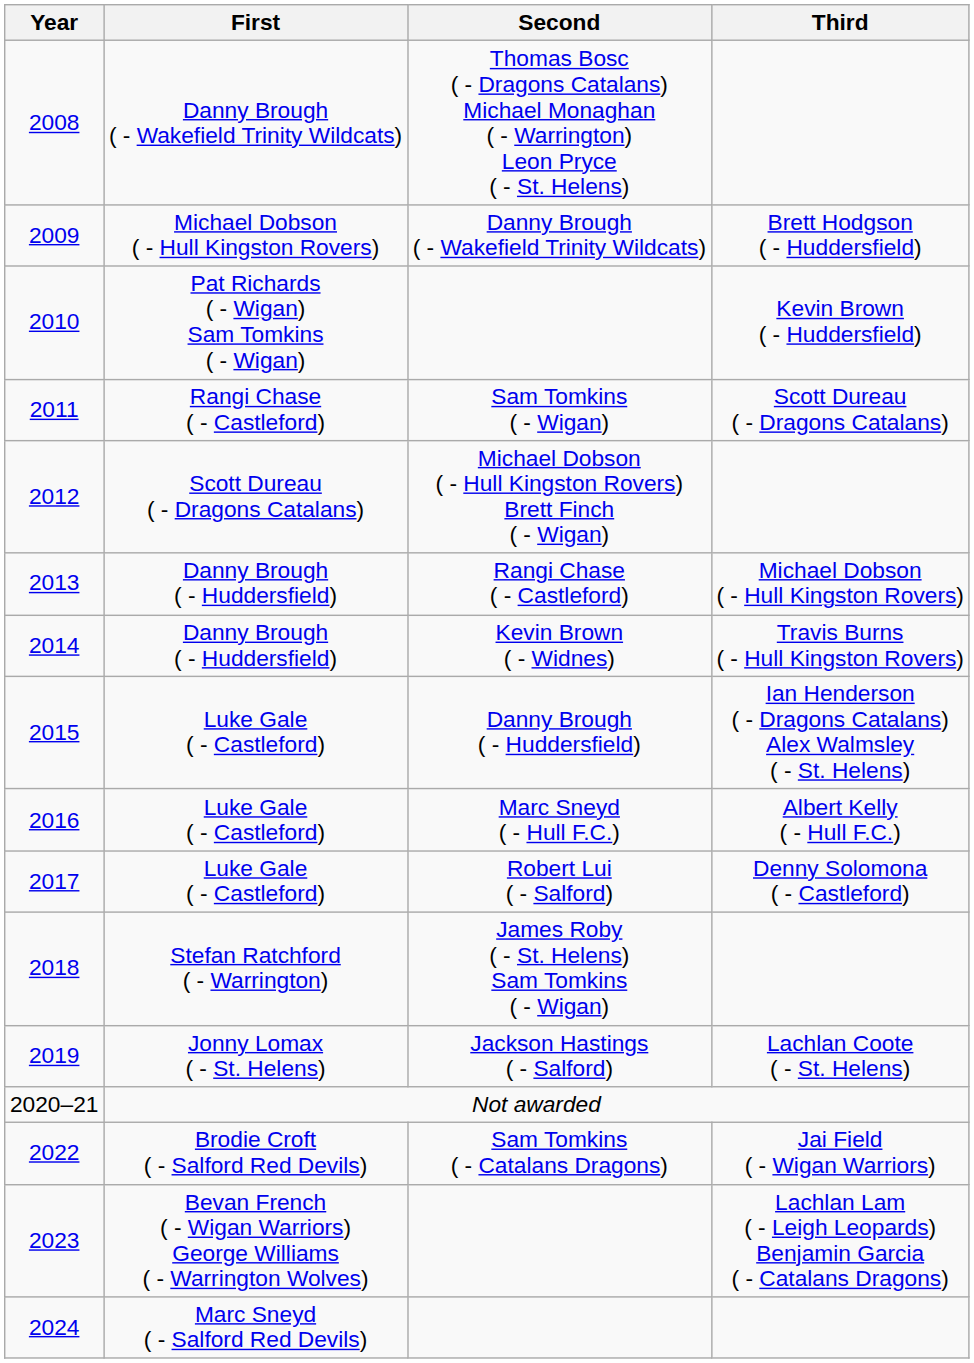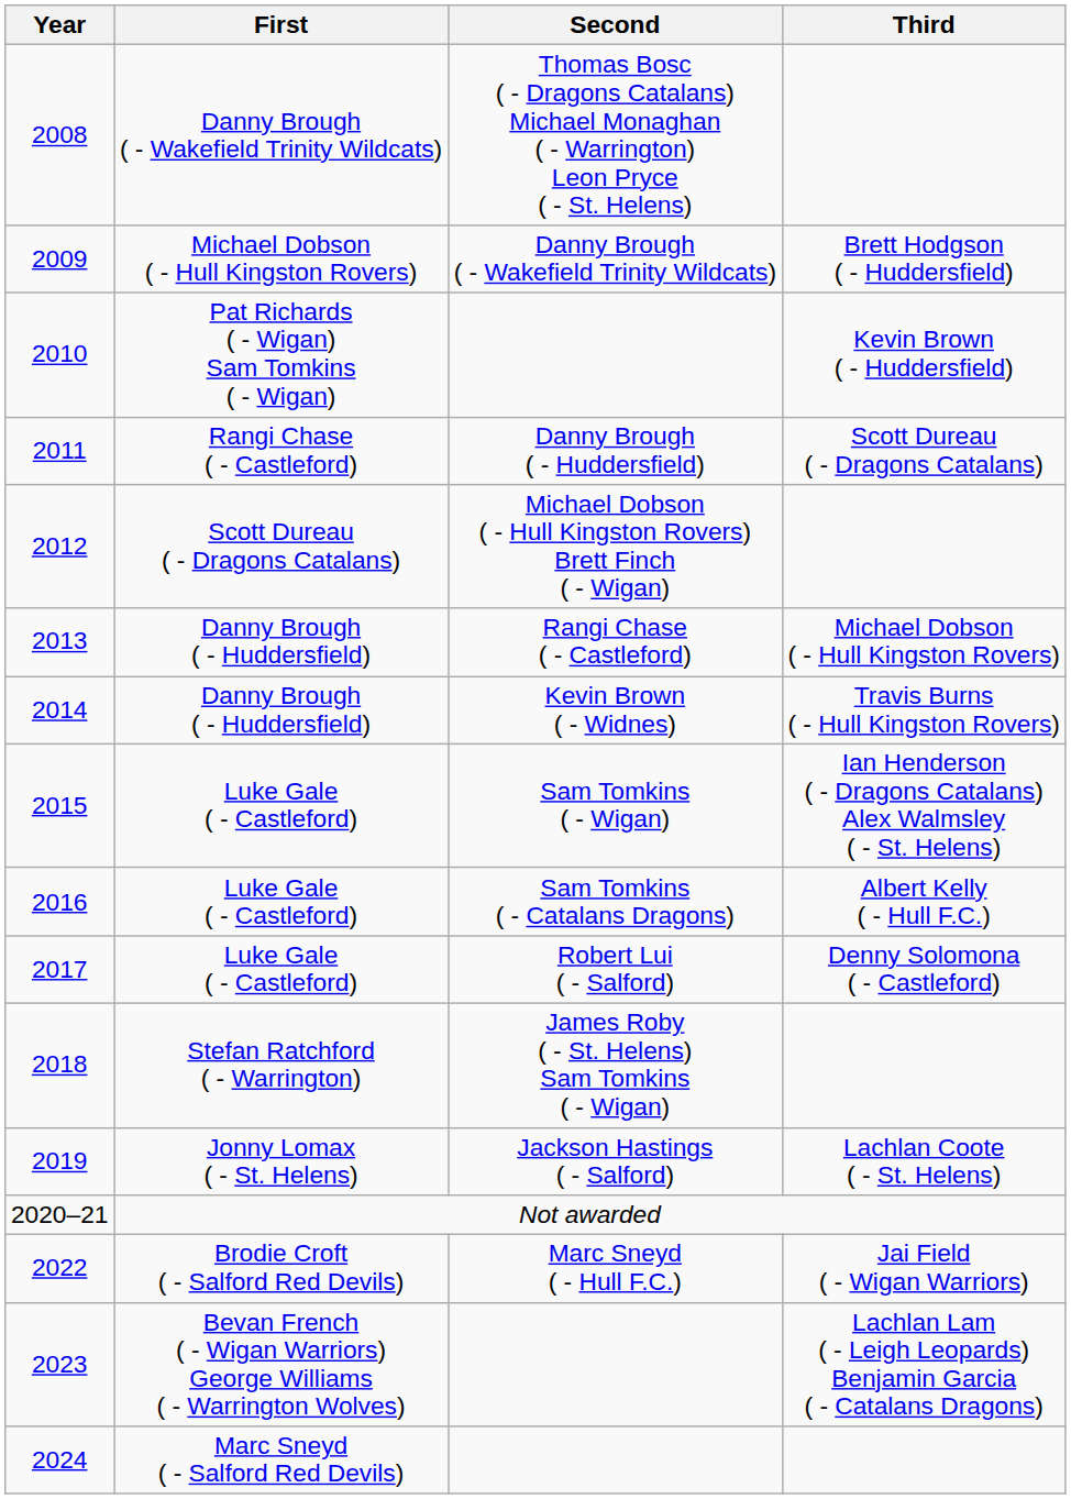 <table class=wikitable alternance style="text-align:center;">
 <tr>
 <th scope="col">Year</th>
 <th scope="col">First</th>
 <th scope="col">Second</th>
 <th scope="col">Third</th>
 </tr>
 <tr>
 <td><a href='#'>2008</a></td>
 <td> <a href='#'>Danny Brough</a><br>( - <a href='#'>Wakefield Trinity Wildcats</a>)</td>
 <td> <a href='#'>Thomas Bosc</a><br>( - <a href='#'>Dragons Catalans</a>) <br> <a href='#'>Michael Monaghan</a><br>( - <a href='#'>Warrington</a>)<br> <a href='#'>Leon Pryce</a><br>( - <a href='#'>St. Helens</a>)</td>
 <td></td>
 </tr>
 <tr>
 <td><a href='#'>2009</a></td>
 <td> <a href='#'>Michael Dobson</a><br>( - <a href='#'>Hull Kingston Rovers</a>)</td>
 <td> <a href='#'>Danny Brough</a><br>( - <a href='#'>Wakefield Trinity Wildcats</a>)</td>
 <td> <a href='#'>Brett Hodgson</a><br>( - <a href='#'>Huddersfield</a>)</td>
 </tr>
 <tr>
 <td><a href='#'>2010</a></td>
 <td> <a href='#'>Pat Richards</a><br>( - <a href='#'>Wigan</a>) <br> <a href='#'>Sam Tomkins</a><br>( - <a href='#'>Wigan</a>)</td>
 <td></td>
 <td> <a href='#'>Kevin Brown</a><br>( - <a href='#'>Huddersfield</a>)</td>
 </tr>
 <tr>
 <td><a href='#'>2011</a></td>
 <td> <a href='#'>Rangi Chase</a><br>( - <a href='#'>Castleford</a>)</td>
-<td> <a href='#'>Sam Tomkins</a><br>( - <a href='#'>Wigan</a>)</td>
+<td> <a href='#'>Danny Brough</a><br>( - <a href='#'>Huddersfield</a>)</td>
 <td> <a href='#'>Scott Dureau</a><br>( - <a href='#'>Dragons Catalans</a>)</td>
 </tr>
 <tr>
 <td><a href='#'>2012</a></td>
 <td> <a href='#'>Scott Dureau</a><br>( - <a href='#'>Dragons Catalans</a>)</td>
 <td> <a href='#'>Michael Dobson</a><br>( - <a href='#'>Hull Kingston Rovers</a>)<br> <a href='#'>Brett Finch</a><br>( - <a href='#'>Wigan</a>)</td>
 <td></td>
 </tr>
 <tr>
 <td><a href='#'>2013</a></td>
 <td> <a href='#'>Danny Brough</a><br>( - <a href='#'>Huddersfield</a>)</td>
 <td> <a href='#'>Rangi Chase</a><br>( - <a href='#'>Castleford</a>)</td>
 <td> <a href='#'>Michael Dobson</a><br>( - <a href='#'>Hull Kingston Rovers</a>)</td>
 </tr>
 <tr>
 <td><a href='#'>2014</a></td>
 <td> <a href='#'>Danny Brough</a><br>( - <a href='#'>Huddersfield</a>)</td>
 <td> <a href='#'>Kevin Brown</a><br>( - <a href='#'>Widnes</a>)</td>
 <td> <a href='#'>Travis Burns</a><br>( - <a href='#'>Hull Kingston Rovers</a>)</td>
 </tr>
 <tr>
 <td><a href='#'>2015</a></td>
 <td> <a href='#'>Luke Gale</a><br>( - <a href='#'>Castleford</a>)</td>
-<td> <a href='#'>Danny Brough</a><br>( - <a href='#'>Huddersfield</a>)</td>
+<td> <a href='#'>Sam Tomkins</a><br>( - <a href='#'>Wigan</a>)</td>
 <td> <a href='#'>Ian Henderson</a><br>( - <a href='#'>Dragons Catalans</a>) <br> <a href='#'>Alex Walmsley</a><br>( - <a href='#'>St. Helens</a>)</td>
 </tr>
 <tr>
 <td><a href='#'>2016</a></td>
 <td> <a href='#'>Luke Gale</a><br>( - <a href='#'>Castleford</a>)</td>
-<td> <a href='#'>Marc Sneyd</a><br>( - <a href='#'>Hull F.C.</a>)</td>
+<td> <a href='#'>Sam Tomkins</a><br>( - <a href='#'>Catalans Dragons</a>)</td>
 <td> <a href='#'>Albert Kelly</a><br>( - <a href='#'>Hull F.C.</a>)</td>
 </tr>
 <tr>
 <td><a href='#'>2017</a></td>
 <td> <a href='#'>Luke Gale</a><br>( - <a href='#'>Castleford</a>)</td>
 <td> <a href='#'>Robert Lui</a><br>( - <a href='#'>Salford</a>)</td>
 <td> <a href='#'>Denny Solomona</a><br>( - <a href='#'>Castleford</a>)</td>
 </tr>
 <tr>
 <td><a href='#'>2018</a></td>
 <td> <a href='#'>Stefan Ratchford</a><br>( - <a href='#'>Warrington</a>)</td>
 <td> <a href='#'>James Roby</a><br>( - <a href='#'>St. Helens</a>) <br> <a href='#'>Sam Tomkins</a><br>( - <a href='#'>Wigan</a>)</td>
 <td></td>
 </tr>
 <tr>
 <td><a href='#'>2019</a></td>
 <td> <a href='#'>Jonny Lomax </a><br>( - <a href='#'>St. Helens</a>)</td>
 <td> <a href='#'>Jackson Hastings</a><br>( - <a href='#'>Salford</a>)</td>
 <td> <a href='#'>Lachlan Coote</a><br>( - <a href='#'>St. Helens</a>)</td>
 </tr>
 <tr>
 <td>2020–21</td>
 <td colspan=3><em>Not awarded</em></td>
 </tr>
 <tr>
 <td><a href='#'>2022</a></td>
 <td> <a href='#'>Brodie Croft</a><br>( - <a href='#'>Salford Red Devils</a>)</td>
-<td> <a href='#'>Sam Tomkins</a><br>( - <a href='#'>Catalans Dragons</a>)</td>
+<td> <a href='#'>Marc Sneyd</a><br>( - <a href='#'>Hull F.C.</a>)</td>
 <td> <a href='#'>Jai Field</a><br>( - <a href='#'>Wigan Warriors</a>)</td>
 </tr>
 <tr>
 <td><a href='#'>2023</a></td>
 <td> <a href='#'>Bevan French</a><br>( - <a href='#'>Wigan Warriors</a>)<br> <a href='#'>George Williams</a><br>( - <a href='#'>Warrington Wolves</a>)</td>
 <td></td>
 <td> <a href='#'>Lachlan Lam</a><br>( - <a href='#'>Leigh Leopards</a>)<br> <a href='#'>Benjamin Garcia</a><br>( - <a href='#'>Catalans Dragons</a>)</td>
 </tr>
 <tr>
 <td align=center><a href='#'>2024</a></td>
 <td align=center> <a href='#'>Marc Sneyd</a><br>( - <a href='#'>Salford Red Devils</a>)</td>
 <td align=center></td>
 <td align=center></td>
 </tr>
 </table>
